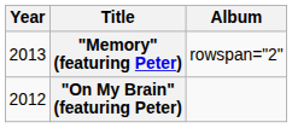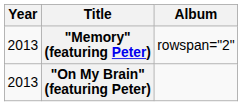 <table class="wikitable plainrowheaders" style="text-align:center;">
 <tr>
 <th scope="col">Year</th>
 <th scope="col">Title</th>
 <th scope="col">Album</th>
 </tr>
 <tr>
 <td>2013</td>
 <th scope="row">"Memory"<br><span>(featuring <a href='#'>Peter</a>)</span></th>
 <td>rowspan="2" </td>
 </tr>
 <tr>
-<td>2012</td>
+<td>2013</td>
 <th scope="row">"On My Brain"<br><span>(featuring Peter)</span></th>
 </tr>
 </table>
